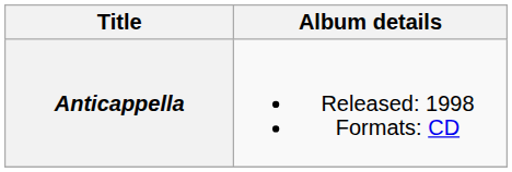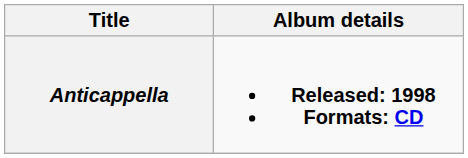 <table class="wikitable plainrowheaders" style="text-align:center;" border="1">
 <tr>
 <th scope="col" style="width:10em;">Title</th>
 <th scope="col" style="width:12em;">Album details</th>
 </tr>
 <tr>
 <th scope="row"><em>Anticappella</em></th>
-<td><br><ul><li>Released: 1998</li><li>Formats: <a href='#'>CD</a></li></ul></td>
+<td><strong><br><ul><li>Released: 1998</li><li>Formats: <a href='#'>CD</a></li></ul></strong></td>
 </tr>
 <tr>
 </tr>
 </table>
